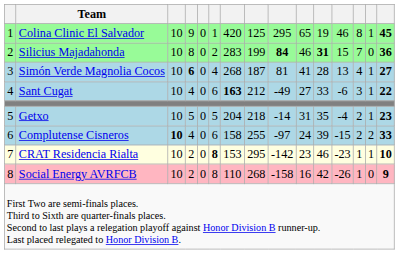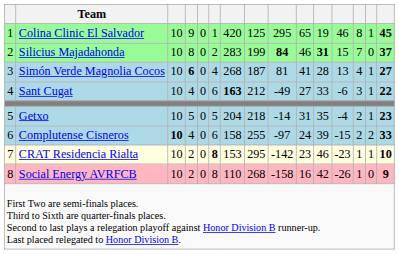 <table class="wikitable" style="text-align:center;">
 <tr>
 <th></th>
 <th>Team</th>
 <th></th>
 <th></th>
 <th></th>
 <th></th>
 <th></th>
 <th></th>
 <th></th>
 <th></th>
 <th></th>
 <th></th>
 <th></th>
 <th></th>
 <th></th>
 </tr>
 <tr bgcolor=palegreen>
 <td>1</td>
 <td align="left"><a href='#'>Colina Clinic El Salvador</a></td>
 <td>10</td>
 <td>9</td>
 <td>0</td>
 <td>1</td>
 <td>420</td>
 <td>125</td>
 <td>295</td>
 <td>65</td>
 <td>19</td>
 <td>46</td>
 <td>8</td>
 <td>1</td>
 <td><strong>45</strong></td>
 </tr>
 <tr bgcolor=palegreen>
 <td>2</td>
 <td align="left"><a href='#'>Silicius Majadahonda</a></td>
 <td>10</td>
 <td>8</td>
 <td>0</td>
 <td>2</td>
 <td>283</td>
 <td>199</td>
 <td><strong>84</strong></td>
 <td>46</td>
 <td><strong>31</strong></td>
 <td>15</td>
 <td>7</td>
 <td>0</td>
-<td><strong>36</strong></td>
+<td><strong>37</strong></td>
 </tr>
 <tr bgcolor=lightblue>
 <td>3</td>
 <td align="left"><a href='#'>Simón Verde Magnolia Cocos</a></td>
 <td>10</td>
 <td><strong>6</strong></td>
 <td>0</td>
 <td>4</td>
 <td>268</td>
 <td>187</td>
 <td>81</td>
 <td>41</td>
 <td>28</td>
 <td>13</td>
 <td>4</td>
 <td>1</td>
 <td><strong>27</strong></td>
 </tr>
 <tr bgcolor=lightblue>
 <td>4</td>
 <td align="left"><a href='#'>Sant Cugat</a></td>
 <td>10</td>
 <td>4</td>
 <td>0</td>
 <td>6</td>
 <td><strong>163</strong></td>
 <td>212</td>
 <td>-49</td>
 <td>27</td>
 <td>33</td>
 <td>-6</td>
 <td>3</td>
 <td>1</td>
 <td><strong>22</strong></td>
 </tr>
 <tr bgcolor=grey>
 <td colspan="15"></td>
 </tr>
 <tr bgcolor=lightblue>
 <td>5</td>
 <td align="left"><a href='#'>Getxo</a></td>
 <td>10</td>
 <td>5</td>
 <td>0</td>
 <td>5</td>
 <td>204</td>
 <td>218</td>
 <td>-14</td>
 <td>31</td>
 <td>35</td>
 <td>-4</td>
 <td>2</td>
 <td>1</td>
 <td><strong>23</strong></td>
 </tr>
 <tr bgcolor=lightblue>
 <td>6</td>
 <td align="left"><a href='#'>Complutense Cisneros</a></td>
 <td><strong>10</strong></td>
 <td>4</td>
 <td>0</td>
 <td>6</td>
 <td>158</td>
 <td>255</td>
 <td>-97</td>
 <td>24</td>
 <td>39</td>
 <td>-15</td>
 <td>2</td>
 <td>2</td>
 <td><strong>33</strong></td>
 </tr>
 <tr bgcolor=lightyellow>
 <td>7</td>
 <td align="left"><a href='#'>CRAT Residencia Rialta</a></td>
 <td>10</td>
 <td>2</td>
 <td>0</td>
 <td><strong>8</strong></td>
 <td>153</td>
 <td>295</td>
 <td>-142</td>
 <td>23</td>
 <td>46</td>
 <td>-23</td>
 <td>1</td>
 <td>1</td>
 <td><strong>10</strong></td>
 </tr>
 <tr bgcolor=lightpink>
 <td>8</td>
 <td align="left"><a href='#'>Social Energy AVRFCB</a></td>
 <td>10</td>
 <td>2</td>
 <td>0</td>
 <td>8</td>
 <td>110</td>
 <td>268</td>
 <td>-158</td>
 <td>16</td>
 <td>42</td>
 <td>-26</td>
 <td>1</td>
 <td>0</td>
 <td><strong>9</strong></td>
 </tr>
 <tr | style="text-align:left;" |>
 <td colspan="15" style="border:0px; font-size:smaller"><br><span>First Two</span> are semi-finals places. <br> <span>Third to Sixth</span> are quarter-finals places. <br> <span>Second to last</span> plays a relegation playoff against <a href='#'>Honor Division B</a> runner-up. <br> <span>Last placed</span> relegated to <a href='#'>Honor Division B</a>.</td>
 </tr>
 </table>
